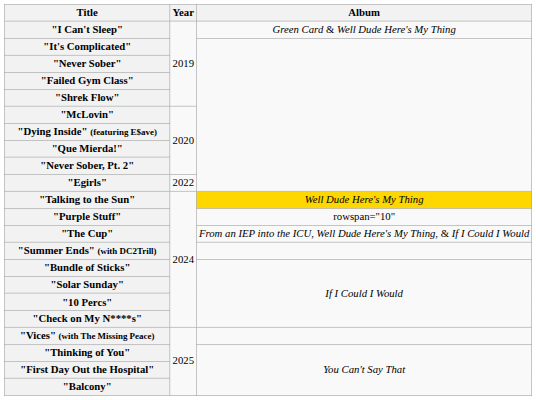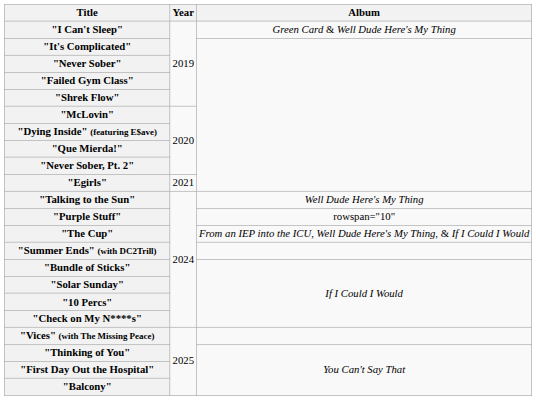 <table class="wikitable plainrowheaders" style="text-align:center;">
 <tr>
 <th scope="col" style="width:15em;">Title</th>
 <th scope="col">Year</th>
 <th scope="col">Album</th>
 </tr>
 <tr>
 <th scope="row">"I Can't Sleep"</th>
 <td rowspan="5">2019</td>
 <td><em>Green Card</em> & <em>Well Dude Here's My Thing</em></td>
 </tr>
 <tr>
 <th scope="row">"It's Complicated"</th>
 </tr>
 <tr>
 <th scope="row">"Never Sober"</th>
 </tr>
 <tr>
 <th scope="row">"Failed Gym Class"</th>
 </tr>
 <tr>
 <th scope="row">"Shrek Flow"</th>
 </tr>
 <tr>
 <th scope="row">"McLovin"</th>
 <td rowspan="4">2020</td>
 </tr>
 <tr>
 <th scope="row">"Dying Inside" <small>(featuring E$ave)</small></th>
 </tr>
 <tr>
 <th scope="row">"Que Mierda!"</th>
 </tr>
 <tr>
 <th scope="row">"Never Sober, Pt. 2"</th>
 </tr>
 <tr>
 <th scope="row">"Egirls"</th>
-<td>2022</td>
+<td>2021</td>
 </tr>
 <tr>
 <th scope="row">"Talking to the Sun"</th>
 <td rowspan="8">2024</td>
-<td style="background: gold;"><em>Well Dude Here's My Thing</em></td>
+<td><em>Well Dude Here's My Thing</em></td>
 </tr>
 <tr>
 <th scope="row">"Purple Stuff"</th>
 <td>rowspan="10" </td>
 </tr>
 <tr>
 <th scope="row">"The Cup"</th>
 <td><em>From an IEP into the ICU</em>, <em>Well Dude Here's My Thing</em>, & <em>If I Could I Would</em></td>
 </tr>
 <tr>
 <th scope="row">"Summer Ends" <small>(with DC2Trill)</small></th>
 <td></td>
 </tr>
 <tr>
 <th scope="row">"Bundle of Sticks"</th>
 <td rowspan="4"><em>If I Could I Would</em></td>
 </tr>
 <tr>
 <th scope="row">"Solar Sunday"</th>
 </tr>
 <tr>
 <th scope="row">"10 Percs"</th>
 </tr>
 <tr>
 <th scope="row">"Check on My N****s"</th>
 </tr>
 <tr>
 <th scope="row">"Vices" <small>(with The Missing Peace)</small></th>
 <td rowspan="4">2025</td>
 <td></td>
 </tr>
 <tr>
 <th scope="row">"Thinking of You"</th>
 <td rowspan="3"><em>You Can't Say That</em></td>
 </tr>
 <tr>
 <th scope="row">"First Day Out the Hospital"</th>
 </tr>
 <tr>
 <th scope="row">"Balcony"</th>
 </tr>
 </table>
